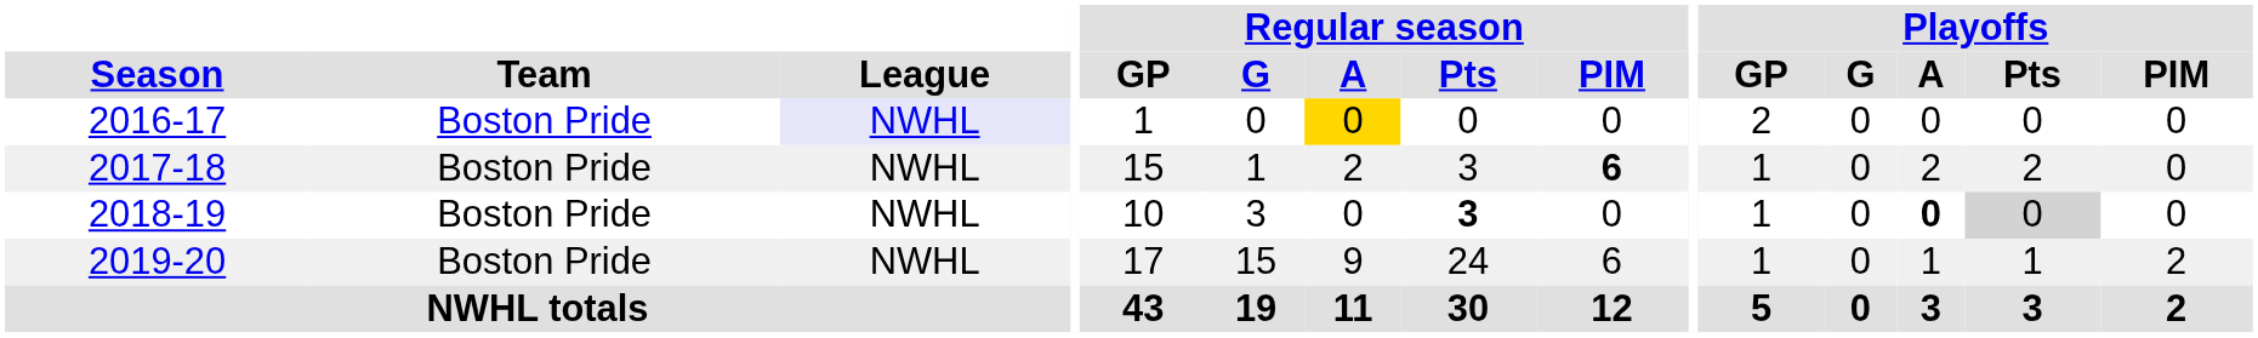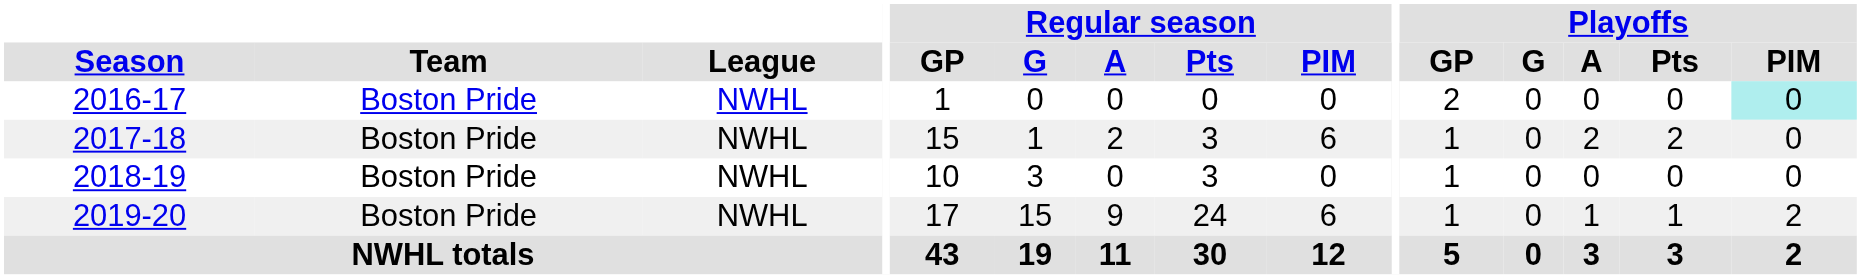 <table border="0" cellpadding="1" cellspacing="0" style="text-align:center; width:60em">
 <tr bgcolor="#e0e0e0">
 <th colspan="3" bgcolor="#ffffff"></th>
 <th rowspan="99" bgcolor="#ffffff"></th>
 <th colspan="5"><a href='#'>Regular season</a></th>
 <th rowspan="99" bgcolor="#ffffff"></th>
 <th colspan="5"><a href='#'>Playoffs</a></th>
 </tr>
 <tr bgcolor="#e0e0e0">
 <th><a href='#'>Season</a></th>
 <th>Team</th>
 <th>League</th>
 <th>GP</th>
 <th><a href='#'>G</a></th>
 <th><a href='#'>A</a></th>
 <th><a href='#'>Pts</a></th>
 <th><a href='#'>PIM</a></th>
 <th>GP</th>
 <th>G</th>
 <th>A</th>
 <th>Pts</th>
 <th>PIM</th>
 </tr>
 <tr>
 <td><a href='#'>2016-17</a></td>
 <td><a href='#'>Boston Pride</a></td>
-<td style="background: lavender;"><a href='#'>NWHL</a></td>
+<td><a href='#'>NWHL</a></td>
 <td>1</td>
 <td>0</td>
-<td style="background: gold;">0</td>
+<td>0</td>
 <td>0</td>
 <td>0</td>
 <td>2</td>
 <td>0</td>
 <td>0</td>
 <td>0</td>
-<td>0</td>
+<td style="background: paleturquoise;">0</td>
 </tr>
 <tr style="background:#f0f0f0;">
 <td><a href='#'>2017-18</a></td>
 <td>Boston Pride</td>
 <td>NWHL</td>
 <td>15</td>
 <td>1</td>
 <td>2</td>
 <td>3</td>
-<td><strong>6</strong></td>
+<td>6</td>
 <td>1</td>
 <td>0</td>
 <td>2</td>
 <td>2</td>
 <td>0</td>
 </tr>
 <tr>
 <td><a href='#'>2018-19</a></td>
 <td>Boston Pride</td>
 <td>NWHL</td>
 <td>10</td>
 <td>3</td>
 <td>0</td>
-<td><strong>3</strong></td>
+<td>3</td>
 <td>0</td>
 <td>1</td>
 <td>0</td>
-<td><strong>0</strong></td>
-<td style="background: lightgrey;">0</td>
+<td>0</td>
+<td>0</td>
 <td>0</td>
 </tr>
 <tr bgcolor="#f0f0f0">
 <td><a href='#'>2019-20</a></td>
 <td>Boston Pride</td>
 <td>NWHL</td>
 <td>17</td>
 <td>15</td>
 <td>9</td>
 <td>24</td>
 <td>6</td>
 <td>1</td>
 <td>0</td>
 <td>1</td>
 <td>1</td>
 <td>2</td>
 </tr>
 <tr bgcolor="#e0e0e0">
 <th colspan="3">NWHL totals</th>
 <th>43</th>
 <th>19</th>
 <th>11</th>
 <th>30</th>
 <th>12</th>
 <th>5</th>
 <th>0</th>
 <th>3</th>
 <th>3</th>
 <th>2</th>
 </tr>
 </table>
